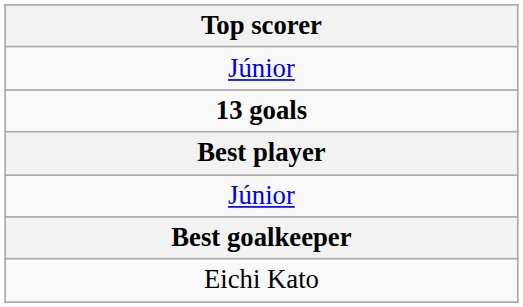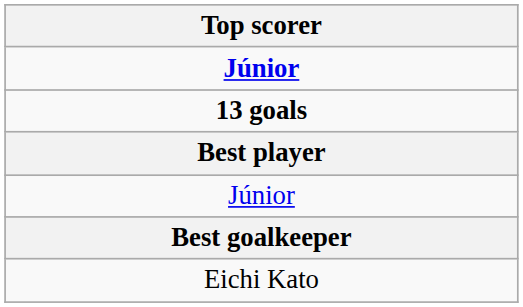 <table class="wikitable" style="margin: 1em auto 1em auto;">
 <tr>
 <th width=300>Top scorer</th>
 </tr>
 <tr align=center style="background:">
-<td style="text-align:center;"> <a href='#'>Júnior</a></td>
+<td style="text-align:center;"><strong> <a href='#'>Júnior</a></strong></td>
 </tr>
 <tr>
 <td style="text-align:center;"><strong>13 goals</strong></td>
 </tr>
 <tr>
 <th>Best player</th>
 </tr>
 <tr>
 <td style="text-align:center;">  <a href='#'>Júnior</a></td>
 </tr>
 <tr>
 <th>Best goalkeeper</th>
 </tr>
 <tr>
 <td style="text-align:center;"> Eichi Kato</td>
 </tr>
 </table>
